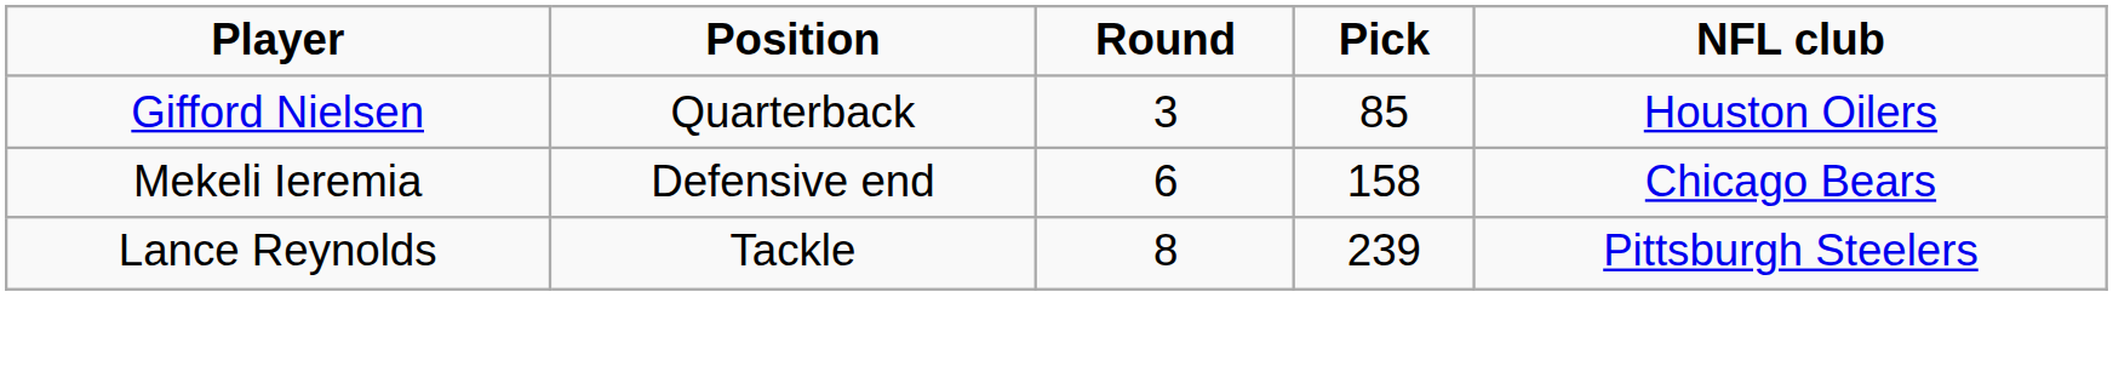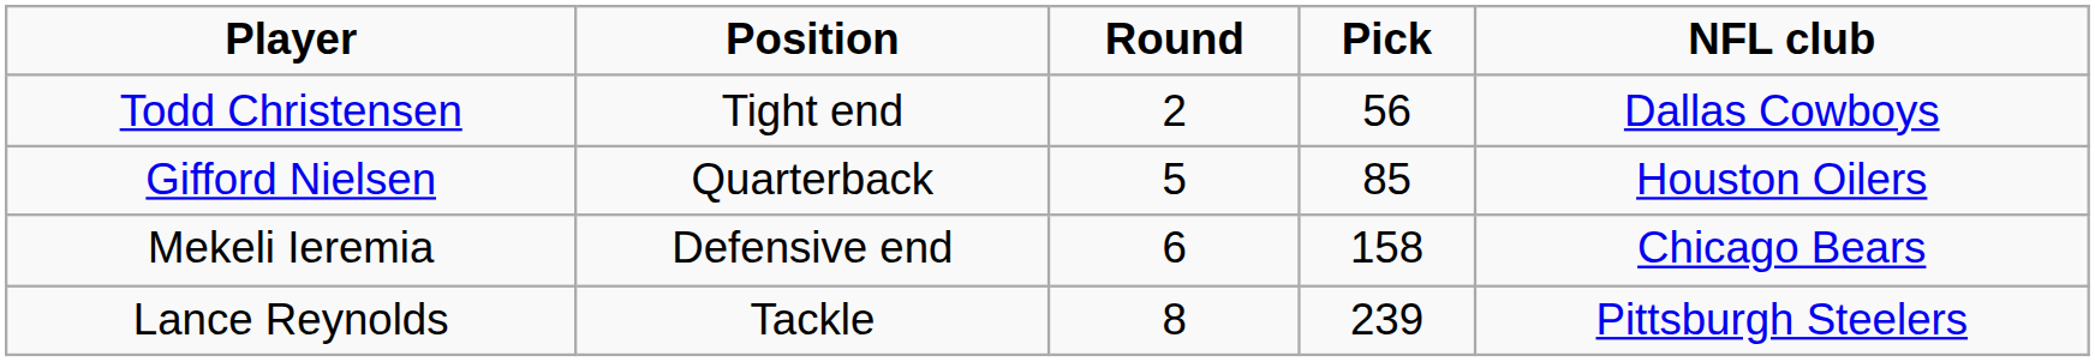 <table class="wikitable" width="60%">
 <tr align="center">
 <td><strong>Player</strong></td>
 <td><strong>Position</strong></td>
 <td><strong>Round</strong></td>
 <td><strong>Pick</strong></td>
 <td><strong>NFL club</strong></td>
 </tr>
 <tr align="center" bgcolor="">
+<td><a href='#'>Todd Christensen</a></td>
+<td>Tight end</td>
+<td>2</td>
+<td>56</td>
+<td><a href='#'>Dallas Cowboys</a></td>
+</tr>
+<tr align="center" bgcolor="">
 <td><a href='#'>Gifford Nielsen</a></td>
 <td>Quarterback</td>
-<td>3</td>
+<td>5</td>
 <td>85</td>
 <td><a href='#'>Houston Oilers</a></td>
 </tr>
 <tr align="center" bgcolor="">
 <td>Mekeli Ieremia</td>
 <td>Defensive end</td>
 <td>6</td>
 <td>158</td>
 <td><a href='#'>Chicago Bears</a></td>
 </tr>
 <tr align="center" bgcolor="">
 <td>Lance Reynolds</td>
 <td>Tackle</td>
 <td>8</td>
 <td>239</td>
 <td><a href='#'>Pittsburgh Steelers</a></td>
 </tr>
 </table>
